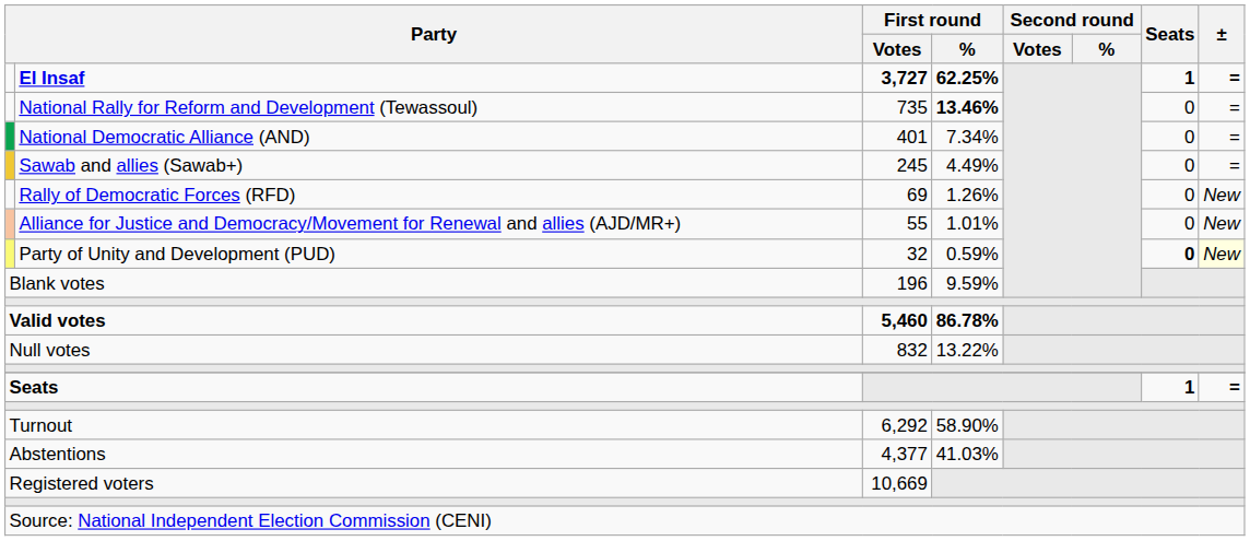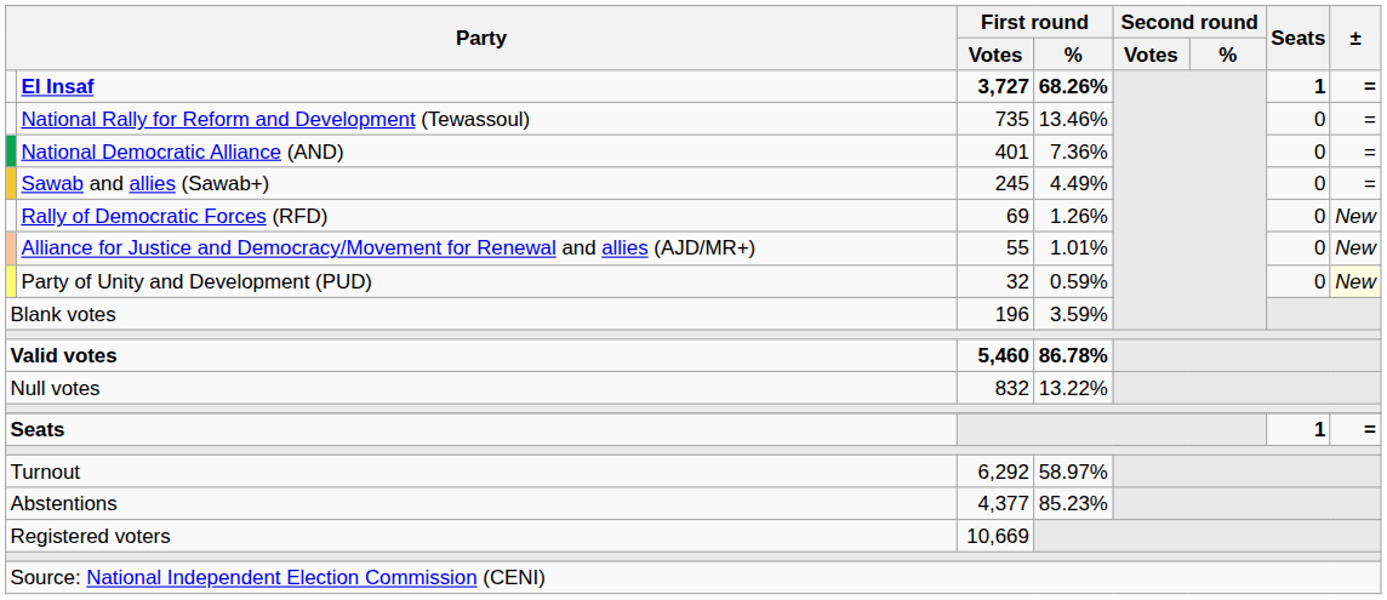 <table class="wikitable" style="text-align:right;font-size:95%;">
 <tr>
 <th rowspan="2" colspan="2" width="700">Party</th>
 <th colspan="2">First round</th>
 <th colspan="2">Second round</th>
 <th rowspan="2" width="25">Seats</th>
 <th rowspan="2" width="20">±</th>
 </tr>
 <tr>
 <th width="50">Votes</th>
 <th width="50">%</th>
 <th width="50">Votes</th>
 <th width="50">%</th>
 </tr>
 <tr>
 <td width="1" style="color:inherit;background:"></td>
 <td style="text-align:left;"><strong><a href='#'>El Insaf</a></strong></td>
 <td><strong>3,727</strong></td>
-<td><strong>62.25%</strong></td>
+<td><strong>68.26%</strong></td>
 <td colspan="2" rowspan="8" style="background:#E9E9E9;"></td>
 <td><strong>1</strong></td>
 <td><strong>=</strong></td>
 </tr>
 <tr>
 <td width="1" style="color:inherit;background:"></td>
 <td style="text-align:left;"><a href='#'>National Rally for Reform and Development</a> (Tewassoul)</td>
 <td>735</td>
-<td><strong>13.46%</strong></td>
+<td>13.46%</td>
 <td>0</td>
 <td>=</td>
 </tr>
 <tr>
 <td width="1" style="color:inherit;background:#0AA450;"></td>
 <td style="text-align:left;"><a href='#'>National Democratic Alliance</a> (AND)</td>
 <td>401</td>
-<td>7.34%</td>
+<td>7.36%</td>
 <td>0</td>
 <td>=</td>
 </tr>
 <tr>
 <td width="1" style="color:inherit;background:#F0C832;"></td>
 <td style="text-align:left;"><a href='#'>Sawab</a> and <a href='#'>allies</a> (Sawab+)</td>
 <td>245</td>
 <td>4.49%</td>
 <td>0</td>
 <td>=</td>
 </tr>
 <tr>
 <td width="1" style="color:inherit;background:"></td>
 <td style="text-align:left;"><a href='#'>Rally of Democratic Forces</a> (RFD)</td>
 <td>69</td>
 <td>1.26%</td>
 <td>0</td>
 <td><em>New</em></td>
 </tr>
 <tr>
 <td width="1" style="color:inherit;background:#F8C3A0;"></td>
 <td style="text-align:left;"><a href='#'>Alliance for Justice and Democracy/Movement for Renewal</a> and <a href='#'>allies</a> (AJD/MR+)</td>
 <td>55</td>
 <td>1.01%</td>
 <td>0</td>
 <td><em>New</em></td>
 </tr>
 <tr>
 <td width="1" style="color:inherit;background:#FAFA75;"></td>
 <td style="text-align:left;">Party of Unity and Development (PUD)</td>
 <td>32</td>
 <td>0.59%</td>
-<td><strong>0</strong></td>
+<td>0</td>
 <td style="background: lightyellow;"><em>New</em></td>
 </tr>
 <tr>
 <td colspan="2" style="text-align:left;">Blank votes</td>
 <td>196</td>
-<td>9.59%</td>
+<td>3.59%</td>
 <td colspan="4" style="background:#E9E9E9;"></td>
 </tr>
 <tr>
 <td colspan="8" style="background:#E9E9E9;"></td>
 </tr>
 <tr style="font-weight:bold;">
 <td colspan="2" style="text-align:left;">Valid votes</td>
 <td>5,460</td>
 <td>86.78%</td>
 <td colspan="4" style="background:#E9E9E9;"></td>
 </tr>
 <tr>
 <td colspan="2" style="text-align:left;">Null votes</td>
 <td>832</td>
 <td>13.22%</td>
 <td colspan="4" style="background:#E9E9E9;"></td>
 </tr>
 <tr>
 <td colspan="8" style="background:#E9E9E9;"></td>
 </tr>
 <tr>
 </tr>
 <tr style="font-weight:bold;">
 <td colspan="2" style="text-align:left;">Seats</td>
 <td colspan="4" style="background:#E9E9E9;"></td>
 <td>1</td>
 <td>=</td>
 </tr>
 <tr>
 <td colspan="8" style="background:#E9E9E9;"></td>
 </tr>
 <tr>
 <td colspan="2" style="text-align:left;">Turnout</td>
 <td>6,292</td>
-<td>58.90%</td>
+<td>58.97%</td>
 <td colspan="4" style="background:#E9E9E9;"></td>
 </tr>
 <tr>
 <td colspan="2" style="text-align:left;">Abstentions</td>
 <td>4,377</td>
-<td>41.03%</td>
+<td>85.23%</td>
 <td colspan="4" style="background:#E9E9E9;"></td>
 </tr>
 <tr>
 <td colspan="2" style="text-align:left;">Registered voters</td>
 <td>10,669</td>
 <td colspan="5" style="background:#E9E9E9;"></td>
 </tr>
 <tr>
 <td colspan="8" style="background:#E9E9E9;"></td>
 </tr>
 <tr>
 <td colspan="8" style="text-align:left;">Source: <a href='#'>National Independent Election Commission</a> (CENI)</td>
 </tr>
 </table>
